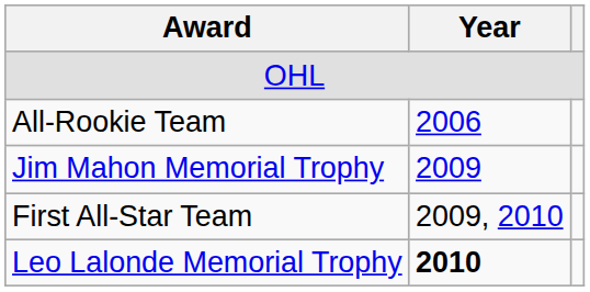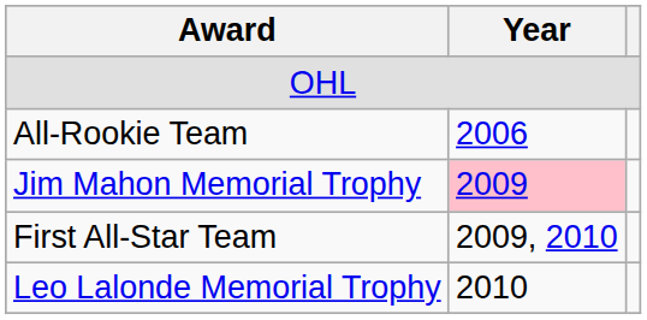 <table class="wikitable">
 <tr>
 <th>Award</th>
 <th>Year</th>
 <th></th>
 </tr>
 <tr ALIGN="center" bgcolor="#e0e0e0">
 <td colspan="3"><a href='#'>OHL</a></td>
 </tr>
 <tr>
 <td>All-Rookie Team</td>
 <td><a href='#'>2006</a></td>
 <td></td>
 </tr>
 <tr>
 <td><a href='#'>Jim Mahon Memorial Trophy</a></td>
-<td><a href='#'>2009</a></td>
+<td style="background: pink;"><a href='#'>2009</a></td>
 <td></td>
 </tr>
 <tr>
 <td>First All-Star Team</td>
 <td>2009, <a href='#'>2010</a></td>
 <td></td>
 </tr>
 <tr>
 <td><a href='#'>Leo Lalonde Memorial Trophy</a></td>
-<td><strong>2010</strong></td>
+<td>2010</td>
 <td></td>
 </tr>
 </table>
